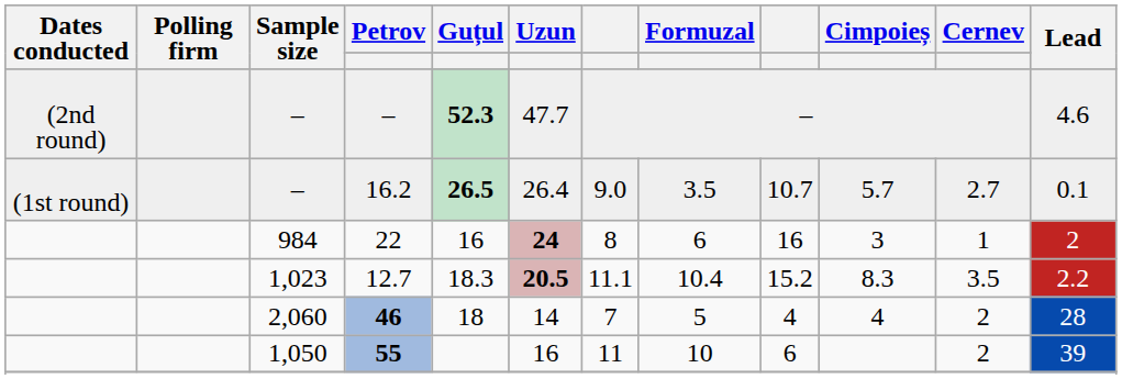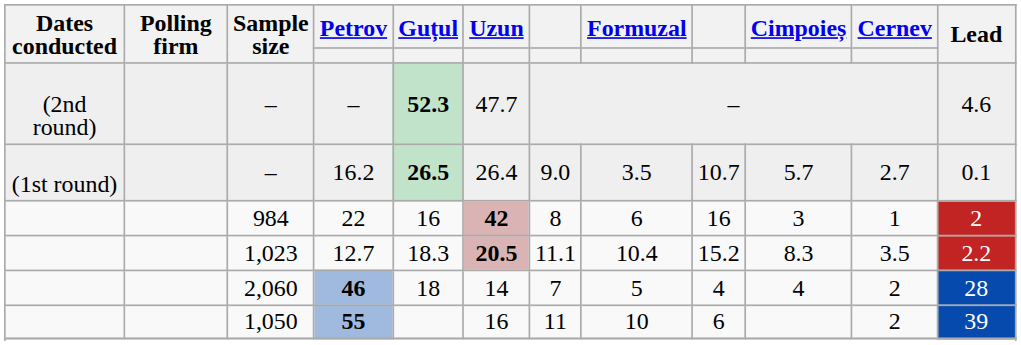 <table class="wikitable tpl-blanktable mw-collapsible" style="text-align:center;font-size:90%;line-height:14px;">
 <tr>
 <th rowspan="2">Dates<br>conducted</th>
 <th rowspan="2">Polling firm</th>
 <th rowspan="2">Sample<br>size</th>
 <th><a href='#'>Petrov</a><br></th>
 <th><a href='#'>Guțul</a><br></th>
 <th><a href='#'>Uzun</a><br></th>
 <th><br></th>
 <th><a href='#'>Formuzal</a><br></th>
 <th><br></th>
 <th><a href='#'>Cimpoieș</a><br></th>
 <th><a href='#'>Cernev</a><br></th>
 <th rowspan="2" style="width:40px;">Lead</th>
 </tr>
 <tr>
 <th data-sort-type="number" style="background:"></th>
 <th data-sort-type="number" style="background:"></th>
 <th data-sort-type="number" style="background:"></th>
 <th data-sort-type="number" style="background:"></th>
 <th data-sort-type="number" style="background:"></th>
 <th data-sort-type="number" style="background:"></th>
 <th data-sort-type="number" style="background:"></th>
 <th data-sort-type="number" style="background:"></th>
 </tr>
 <tr style="background:#EFEFEF;">
 <td><br>(2nd round)</td>
 <td></td>
 <td>–</td>
 <td>–</td>
 <td style="background:#C1E3CA;"><strong>52.3</strong></td>
 <td>47.7</td>
 <td colspan="5">–</td>
 <td style="background:">4.6</td>
 </tr>
 <tr style="background:#EFEFEF;">
 <td><br>(1st round)</td>
 <td></td>
 <td>–</td>
 <td>16.2</td>
 <td style="background:#C1E3CA;"><strong>26.5</strong></td>
 <td>26.4</td>
 <td>9.0</td>
 <td>3.5</td>
 <td>10.7</td>
 <td>5.7</td>
 <td>2.7</td>
 <td style="background:">0.1</td>
 </tr>
 <tr>
 <td></td>
 <td></td>
 <td>984</td>
 <td>22</td>
 <td>16</td>
-<td style="background:#DAB4B5;"><strong>24</strong></td>
+<td style="background:#DAB4B5;"><strong>42</strong></td>
 <td>8</td>
 <td>6</td>
 <td>16</td>
 <td>3</td>
 <td>1</td>
 <td style="background:#C12422; color:white;">2</td>
 </tr>
 <tr>
 <td></td>
 <td></td>
 <td>1,023</td>
 <td>12.7</td>
 <td>18.3</td>
 <td style="background:#DAB4B5;"><strong>20.5</strong></td>
 <td>11.1</td>
 <td>10.4</td>
 <td>15.2</td>
 <td>8.3</td>
 <td>3.5</td>
 <td style="background:#C12422; color:white;">2.2</td>
 </tr>
 <tr>
 <td></td>
 <td></td>
 <td>2,060</td>
 <td style="background:#A0BADF;"><strong>46</strong></td>
 <td>18</td>
 <td>14</td>
 <td>7</td>
 <td>5</td>
 <td>4</td>
 <td>4</td>
 <td>2</td>
 <td style="background:#064AAD; color:white;">28</td>
 </tr>
 <tr>
 <td></td>
 <td></td>
 <td>1,050</td>
 <td style="background:#A0BADF;"><strong>55</strong></td>
 <td></td>
 <td>16</td>
 <td>11</td>
 <td>10</td>
 <td>6</td>
 <td></td>
 <td>2</td>
 <td style="background:#064AAD; color:white;">39</td>
 </tr>
 <tr>
 </tr>
 <tr>
 </tr>
 </table>
